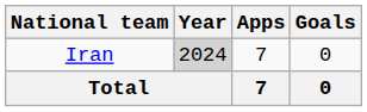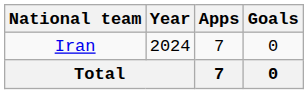 <table class="wikitable" style="text-align:center">
 <tr>
 <th>National team</th>
 <th>Year</th>
 <th>Apps</th>
 <th>Goals</th>
 </tr>
 <tr>
 <td><a href='#'>Iran</a></td>
-<td style="background: lightgrey;">2024</td>
+<td>2024</td>
 <td>7</td>
 <td>0</td>
 </tr>
 <tr>
 <th colspan="2">Total</th>
 <th>7</th>
 <th>0</th>
 </tr>
 </table>
